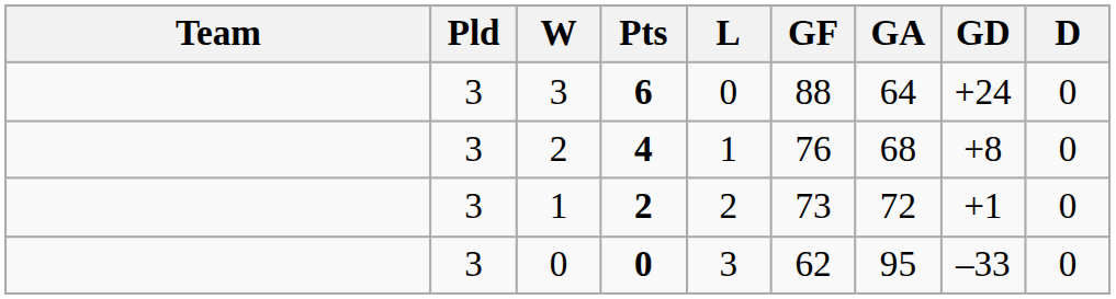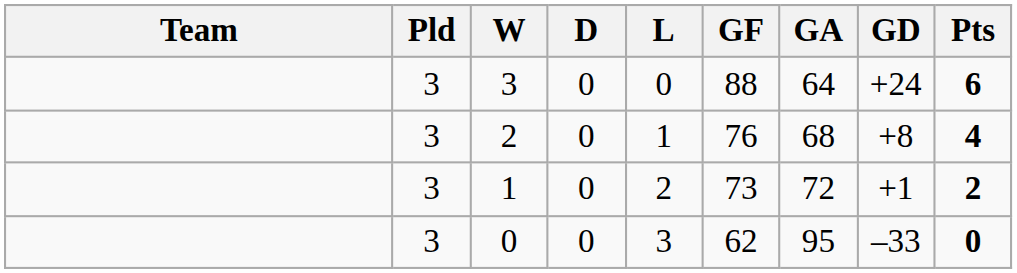 <table class="wikitable" style="text-align: center;">
 <tr>
 <th width="180">Team</th>
 <th width="30">Pld</th>
 <th width="30">W</th>
-<th width="30">Pts</th>
+<th width="30">D</th>
 <th width="30">L</th>
 <th width="30">GF</th>
 <th width="30">GA</th>
 <th width="30">GD</th>
-<th width="30">D</th>
+<th width="30">Pts</th>
 </tr>
 <tr>
 <td align="left"></td>
 <td>3</td>
 <td>3</td>
-<td><strong>6</strong></td>
+<td>0</td>
 <td>0</td>
 <td>88</td>
 <td>64</td>
 <td>+24</td>
-<td>0</td>
+<td><strong>6</strong></td>
 </tr>
 <tr>
 <td align="left"></td>
 <td>3</td>
 <td>2</td>
-<td><strong>4</strong></td>
+<td>0</td>
 <td>1</td>
 <td>76</td>
 <td>68</td>
 <td>+8</td>
-<td>0</td>
+<td><strong>4</strong></td>
 </tr>
 <tr>
 <td align="left"></td>
 <td>3</td>
 <td>1</td>
-<td><strong>2</strong></td>
+<td>0</td>
 <td>2</td>
 <td>73</td>
 <td>72</td>
 <td>+1</td>
-<td>0</td>
+<td><strong>2</strong></td>
 </tr>
 <tr>
 <td align="left"></td>
 <td>3</td>
 <td>0</td>
-<td><strong>0</strong></td>
+<td>0</td>
 <td>3</td>
 <td>62</td>
 <td>95</td>
 <td>–33</td>
-<td>0</td>
+<td><strong>0</strong></td>
 </tr>
 </table>
